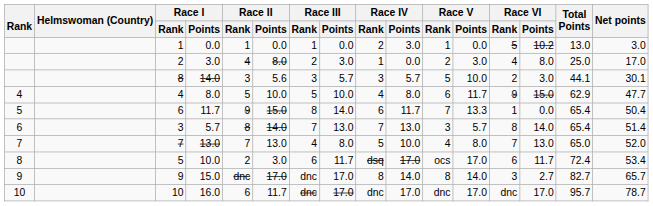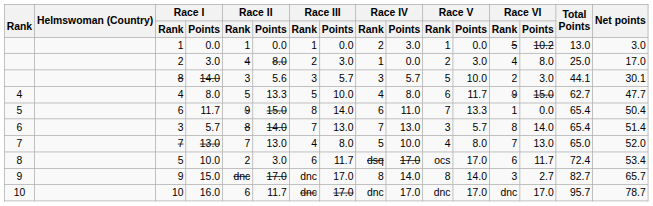 <table class="wikitable" style="text-align:right; font-size:90%">
 <tr>
 <th rowspan=2><br>Rank</th>
 <th rowspan=2>Helmswoman (Country)</th>
 <th colspan=2>Race I</th>
 <th colspan=2>Race II</th>
 <th colspan=2>Race III</th>
 <th colspan=2>Race IV</th>
 <th colspan=2>Race V</th>
 <th colspan=2>Race VI</th>
 <th rowspan=2>Total <br>Points <br></th>
 <th rowspan=2>Net points</th>
 </tr>
 <tr>
 <th>Rank</th>
 <th>Points</th>
 <th>Rank</th>
 <th>Points</th>
 <th>Rank</th>
 <th>Points</th>
 <th>Rank</th>
 <th>Points</th>
 <th>Rank</th>
 <th>Points</th>
 <th>Rank</th>
 <th>Points</th>
 </tr>
 <tr style="vertical-align:top;">
 <td align=center></td>
 <td align=left></td>
 <td>1</td>
 <td>0.0</td>
 <td>1</td>
 <td>0.0</td>
 <td>1</td>
 <td>0.0</td>
 <td>2</td>
 <td>3.0</td>
 <td>1</td>
 <td>0.0</td>
 <td><s>5</s></td>
 <td><s>10.2</s></td>
 <td>13.0</td>
 <td>3.0</td>
 </tr>
 <tr>
 <td align=center></td>
 <td align=left></td>
 <td>2</td>
 <td>3.0</td>
 <td><s>4</s></td>
 <td><s>8.0</s></td>
 <td>2</td>
 <td>3.0</td>
 <td>1</td>
 <td>0.0</td>
 <td>2</td>
 <td>3.0</td>
 <td>4</td>
 <td>8.0</td>
 <td>25.0</td>
 <td>17.0</td>
 </tr>
 <tr>
 <td align=center></td>
 <td align=left></td>
 <td><s>8</s></td>
 <td><s>14.0</s></td>
 <td>3</td>
 <td>5.6</td>
 <td>3</td>
 <td>5.7</td>
 <td>3</td>
 <td>5.7</td>
 <td>5</td>
 <td>10.0</td>
 <td>2</td>
 <td>3.0</td>
 <td>44.1</td>
 <td>30.1</td>
 </tr>
 <tr>
 <td align=center>4</td>
 <td align=left></td>
 <td>4</td>
 <td>8.0</td>
 <td>5</td>
-<td>10.0</td>
+<td>13.3</td>
 <td>5</td>
 <td>10.0</td>
 <td>4</td>
 <td>8.0</td>
 <td>6</td>
 <td>11.7</td>
 <td><s>9</s></td>
 <td><s>15.0</s></td>
-<td>62.9</td>
+<td>62.7</td>
 <td>47.7</td>
 </tr>
 <tr>
 <td align=center>5</td>
 <td align=left></td>
 <td>6</td>
 <td>11.7</td>
 <td><s>9</s></td>
 <td><s>15.0</s></td>
 <td>8</td>
 <td>14.0</td>
 <td>6</td>
-<td>11.7</td>
+<td>11.0</td>
 <td>7</td>
 <td>13.3</td>
 <td>1</td>
 <td>0.0</td>
 <td>65.4</td>
 <td>50.4</td>
 </tr>
 <tr>
 <td align=center>6</td>
 <td align=left></td>
 <td>3</td>
 <td>5.7</td>
 <td><s>8</s></td>
 <td><s>14.0</s></td>
 <td>7</td>
 <td>13.0</td>
 <td>7</td>
 <td>13.0</td>
 <td>3</td>
 <td>5.7</td>
 <td>8</td>
 <td>14.0</td>
 <td>65.4</td>
 <td>51.4</td>
 </tr>
 <tr>
 <td align=center>7</td>
 <td align=left></td>
 <td><s>7</s></td>
 <td><s>13.0</s></td>
 <td>7</td>
 <td>13.0</td>
 <td>4</td>
 <td>8.0</td>
 <td>5</td>
 <td>10.0</td>
 <td>4</td>
 <td>8.0</td>
 <td>7</td>
 <td>13.0</td>
 <td>65.0</td>
 <td>52.0</td>
 </tr>
 <tr>
 <td align=center>8</td>
 <td align=left></td>
 <td>5</td>
 <td>10.0</td>
 <td>2</td>
 <td>3.0</td>
 <td>6</td>
 <td>11.7</td>
 <td><s>dsq</s></td>
 <td><s>17.0</s></td>
 <td>ocs</td>
 <td>17.0</td>
 <td>6</td>
 <td>11.7</td>
 <td>72.4</td>
 <td>53.4</td>
 </tr>
 <tr>
 <td align=center>9</td>
 <td align=left></td>
 <td>9</td>
 <td>15.0</td>
 <td><s>dnc</s></td>
 <td><s>17.0</s></td>
 <td>dnc</td>
 <td>17.0</td>
 <td>8</td>
 <td>14.0</td>
 <td>8</td>
 <td>14.0</td>
 <td>3</td>
 <td>2.7</td>
 <td>82.7</td>
 <td>65.7</td>
 </tr>
 <tr>
 <td align=center>10</td>
 <td align=left></td>
 <td>10</td>
 <td>16.0</td>
 <td>6</td>
 <td>11.7</td>
 <td><s>dnc</s></td>
 <td><s>17.0</s></td>
 <td>dnc</td>
 <td>17.0</td>
 <td>dnc</td>
 <td>17.0</td>
 <td>dnc</td>
 <td>17.0</td>
 <td>95.7</td>
 <td>78.7</td>
 </tr>
 </table>
